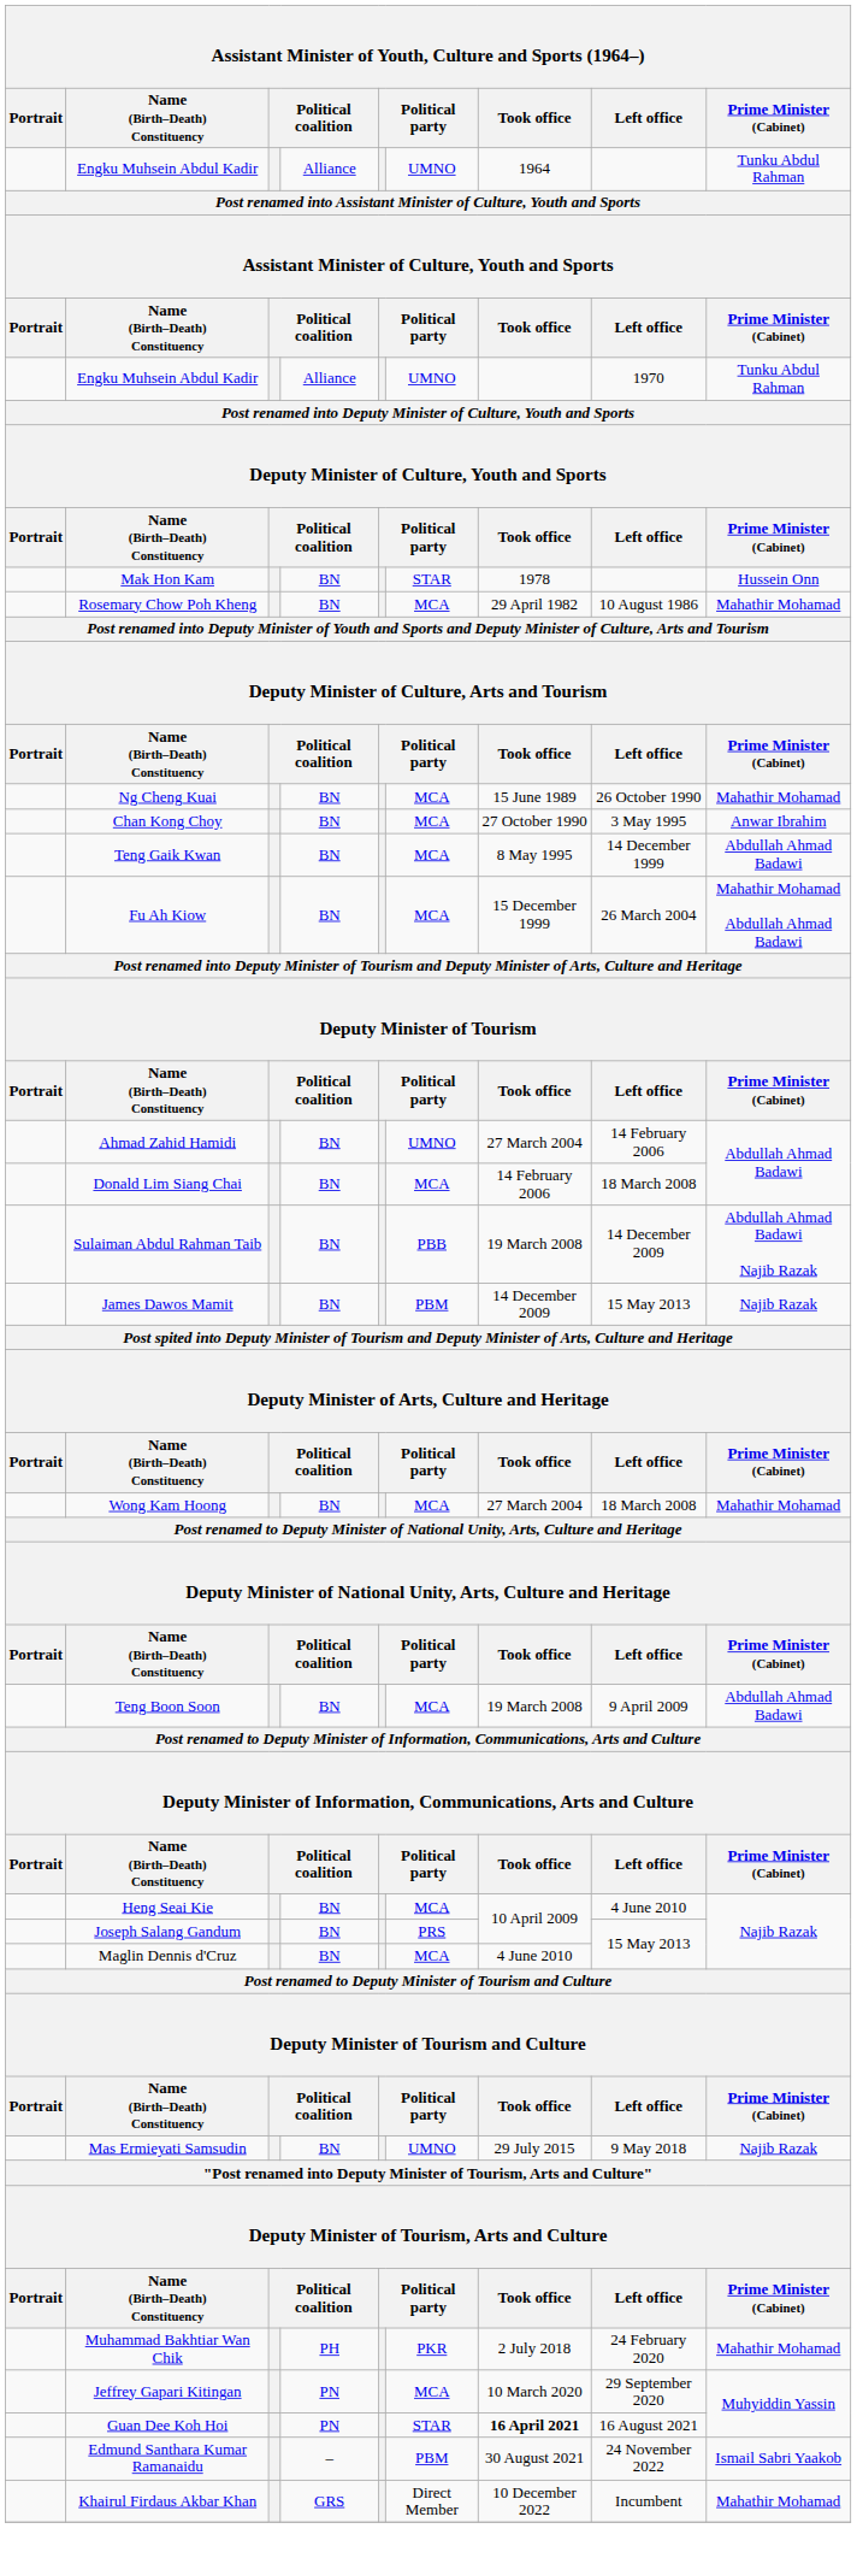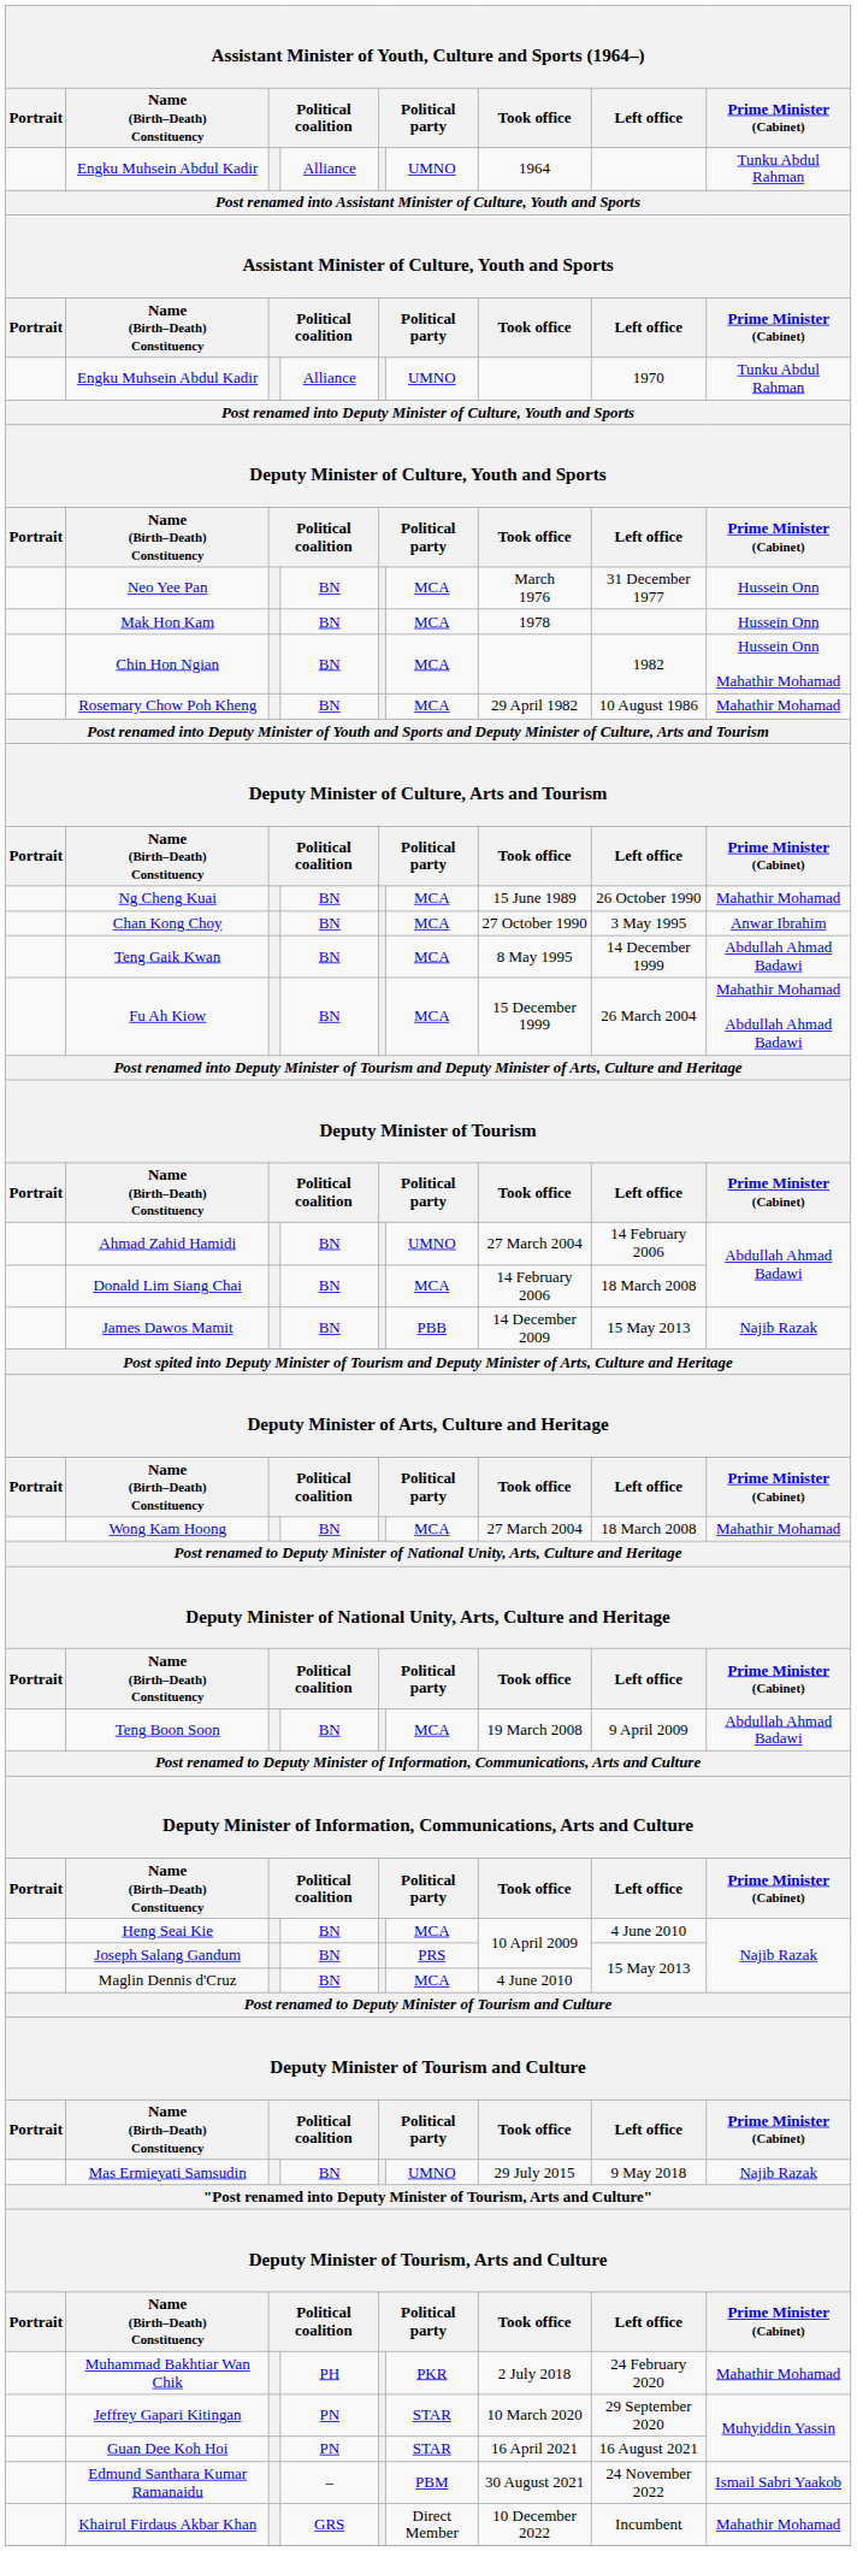 <table class="wikitable" style="text-align:center;">
 <tr>
 <th colspan="9"><br><h3>Assistant Minister of Youth, Culture and Sports (1964–)</h3></th>
 </tr>
 <tr>
 <th>Portrait</th>
 <th>Name<br><small>(Birth–Death)<br>Constituency</small></th>
 <th colspan="2">Political coalition</th>
 <th colspan="2">Political party</th>
 <th>Took office</th>
 <th>Left office</th>
 <th><a href='#'>Prime Minister</a><br><small>(Cabinet)</small></th>
 </tr>
 <tr>
 <td></td>
 <td><a href='#'>Engku Muhsein Abdul Kadir</a><br></td>
 <th style="background:"></th>
 <td><a href='#'>Alliance</a></td>
 <th style="background:"></th>
 <td><a href='#'>UMNO</a></td>
 <td>1964</td>
 <td></td>
 <td><a href='#'>Tunku Abdul Rahman</a><br></td>
 </tr>
 <tr>
 <th colspan="9"><em>Post renamed into Assistant Minister of Culture, Youth and Sports</em></th>
 </tr>
 <tr>
 <th colspan="9"><br><h3>Assistant Minister of Culture, Youth and Sports</h3></th>
 </tr>
 <tr>
 <th>Portrait</th>
 <th>Name<br><small>(Birth–Death)<br>Constituency</small></th>
 <th colspan="2">Political coalition</th>
 <th colspan="2">Political party</th>
 <th>Took office</th>
 <th>Left office</th>
 <th><a href='#'>Prime Minister</a><br><small>(Cabinet)</small></th>
 </tr>
 <tr>
 <td></td>
 <td><a href='#'>Engku Muhsein Abdul Kadir</a><br></td>
 <th style="background:"></th>
 <td><a href='#'>Alliance</a></td>
 <th style="background:"></th>
 <td><a href='#'>UMNO</a></td>
 <td></td>
 <td>1970</td>
 <td><a href='#'>Tunku Abdul Rahman</a><br></td>
 </tr>
 <tr>
 <th colspan="9"><em>Post renamed into Deputy Minister of Culture, Youth and Sports</em></th>
 </tr>
 <tr>
 <th colspan="9"><br><h3>Deputy Minister of Culture, Youth and Sports</h3></th>
 </tr>
 <tr>
 <th>Portrait</th>
 <th>Name<br><small>(Birth–Death)<br>Constituency</small></th>
 <th colspan="2">Political coalition</th>
 <th colspan="2">Political party</th>
 <th>Took office</th>
 <th>Left office</th>
 <th><a href='#'>Prime Minister</a><br><small>(Cabinet)</small></th>
 </tr>
 <tr>
 <td></td>
+<td><a href='#'>Neo Yee Pan</a><br></td>
+<th style="background:"></th>
+<td><a href='#'>BN</a></td>
+<th style="background:"></th>
+<td><a href='#'>MCA</a></td>
+<td>March<br>1976</td>
+<td>31 December<br>1977</td>
+<td><a href='#'>Hussein Onn</a><br></td>
+</tr>
+<tr>
+<td></td>
 <td><a href='#'>Mak Hon Kam</a><br></td>
 <th style="background:"></th>
 <td><a href='#'>BN</a></td>
 <th style="background:"></th>
-<td><a href='#'>STAR</a></td>
+<td><a href='#'>MCA</a></td>
 <td>1978</td>
 <td></td>
 <td><a href='#'>Hussein Onn</a><br></td>
+</tr>
+<tr>
+<td></td>
+<td><a href='#'>Chin Hon Ngian</a><br></td>
+<th style="background:"></th>
+<td><a href='#'>BN</a></td>
+<th style="background:"></th>
+<td><a href='#'>MCA</a></td>
+<td></td>
+<td>1982</td>
+<td><a href='#'>Hussein Onn</a><br><br><a href='#'>Mahathir Mohamad</a><br></td>
 </tr>
 <tr>
 <td></td>
 <td><a href='#'>Rosemary Chow Poh Kheng</a><br></td>
 <th style="background:"></th>
 <td><a href='#'>BN</a></td>
 <th style="background:"></th>
 <td><a href='#'>MCA</a></td>
 <td>29 April 1982</td>
 <td>10 August 1986</td>
 <td><a href='#'>Mahathir Mohamad</a><br></td>
 </tr>
 <tr>
 <th colspan="9"><em>Post renamed into Deputy Minister of Youth and Sports and Deputy Minister of Culture, Arts and Tourism</em></th>
 </tr>
 <tr>
 <th colspan="9"><br><h3>Deputy Minister of Culture, Arts and Tourism</h3></th>
 </tr>
 <tr>
 <th>Portrait</th>
 <th>Name<br><small>(Birth–Death)<br>Constituency</small></th>
 <th colspan="2">Political coalition</th>
 <th colspan="2">Political party</th>
 <th>Took office</th>
 <th>Left office</th>
 <th><a href='#'>Prime Minister</a><br><small>(Cabinet)</small></th>
 </tr>
 <tr>
 <td></td>
 <td><a href='#'>Ng Cheng Kuai</a><br></td>
 <th style="background:"></th>
 <td><a href='#'>BN</a></td>
 <th style="background:"></th>
 <td><a href='#'>MCA</a></td>
 <td>15 June 1989</td>
 <td>26 October 1990</td>
 <td><a href='#'>Mahathir Mohamad</a><br></td>
 </tr>
 <tr>
 <td></td>
 <td><a href='#'>Chan Kong Choy</a><br></td>
 <th style="background:"></th>
 <td><a href='#'>BN</a></td>
 <th style="background:"></th>
 <td><a href='#'>MCA</a></td>
 <td>27 October 1990</td>
 <td>3 May 1995</td>
 <td><a href='#'>Anwar Ibrahim</a><br></td>
 </tr>
 <tr>
 <td></td>
 <td><a href='#'>Teng Gaik Kwan</a><br></td>
 <th style="background:"></th>
 <td><a href='#'>BN</a></td>
 <th style="background:"></th>
 <td><a href='#'>MCA</a></td>
 <td>8 May 1995</td>
 <td>14 December 1999</td>
 <td><a href='#'>Abdullah Ahmad Badawi</a><br></td>
 </tr>
 <tr>
 <td></td>
 <td><a href='#'>Fu Ah Kiow</a><br></td>
 <th style="background:"></th>
 <td><a href='#'>BN</a></td>
 <th style="background:"></th>
 <td><a href='#'>MCA</a></td>
 <td>15 December 1999</td>
 <td>26 March 2004</td>
 <td><a href='#'>Mahathir Mohamad</a><br><br><a href='#'>Abdullah Ahmad Badawi</a><br></td>
 </tr>
 <tr>
 <th colspan="9"><em>Post renamed into Deputy Minister of Tourism and Deputy Minister of Arts, Culture and Heritage</em></th>
 </tr>
 <tr>
 <th colspan="9"><br><h3>Deputy Minister of Tourism</h3></th>
 </tr>
 <tr>
 <th>Portrait</th>
 <th>Name<br><small>(Birth–Death)<br>Constituency</small></th>
 <th colspan="2">Political coalition</th>
 <th colspan="2">Political party</th>
 <th>Took office</th>
 <th>Left office</th>
 <th><a href='#'>Prime Minister</a><br><small>(Cabinet)</small></th>
 </tr>
 <tr>
 <td></td>
 <td><a href='#'>Ahmad Zahid Hamidi</a><br></td>
 <th style="background:"></th>
 <td><a href='#'>BN</a></td>
 <th style="background:"></th>
 <td><a href='#'>UMNO</a></td>
 <td>27 March 2004</td>
 <td>14 February 2006</td>
 <td rowspan=2><a href='#'>Abdullah Ahmad Badawi</a><br></td>
 </tr>
 <tr>
 <td></td>
 <td><a href='#'>Donald Lim Siang Chai</a><br></td>
 <th style="background:"></th>
 <td><a href='#'>BN</a></td>
 <th style="background:"></th>
 <td><a href='#'>MCA</a></td>
 <td>14 February 2006</td>
 <td>18 March 2008</td>
 </tr>
 <tr>
 <td></td>
-<td><a href='#'>Sulaiman Abdul Rahman Taib</a><br></td>
+<td><a href='#'>James Dawos Mamit</a><br></td>
 <th style="background:"></th>
 <td><a href='#'>BN</a></td>
 <th style="background:"></th>
 <td><a href='#'>PBB</a></td>
-<td>19 March 2008</td>
-<td>14 December 2009</td>
-<td><a href='#'>Abdullah Ahmad Badawi</a><br><br><a href='#'>Najib Razak</a><br></td>
-</tr>
-<tr>
-<td></td>
-<td><a href='#'>James Dawos Mamit</a><br></td>
-<th style="background:"></th>
-<td><a href='#'>BN</a></td>
-<th style="background:"></th>
-<td><a href='#'>PBM</a></td>
 <td>14 December 2009</td>
 <td>15 May 2013</td>
 <td><a href='#'>Najib Razak</a><br></td>
 </tr>
 <tr>
 <th colspan="9"><em>Post spited into Deputy Minister of Tourism and Deputy Minister of Arts, Culture and Heritage</em></th>
 </tr>
 <tr>
 <th colspan="9"><br><h3>Deputy Minister of Arts, Culture and Heritage</h3></th>
 </tr>
 <tr>
 <th>Portrait</th>
 <th>Name<br><small>(Birth–Death)<br>Constituency</small></th>
 <th colspan="2">Political coalition</th>
 <th colspan="2">Political party</th>
 <th>Took office</th>
 <th>Left office</th>
 <th><a href='#'>Prime Minister</a><br><small>(Cabinet)</small></th>
 </tr>
 <tr>
 <td></td>
 <td><a href='#'>Wong Kam Hoong</a><br></td>
 <th style="background:"></th>
 <td><a href='#'>BN</a></td>
 <th style="background:"></th>
 <td><a href='#'>MCA</a></td>
 <td>27 March 2004</td>
 <td>18 March 2008</td>
 <td><a href='#'>Mahathir Mohamad</a><br></td>
 </tr>
 <tr>
 <th colspan="9"><em>Post renamed to Deputy Minister of National Unity, Arts, Culture and Heritage</em></th>
 </tr>
 <tr>
 <th colspan="9"><br><h3>Deputy Minister of National Unity, Arts, Culture and Heritage</h3></th>
 </tr>
 <tr>
 <th>Portrait</th>
 <th>Name<br><small>(Birth–Death)<br>Constituency</small></th>
 <th colspan="2">Political coalition</th>
 <th colspan="2">Political party</th>
 <th>Took office</th>
 <th>Left office</th>
 <th><a href='#'>Prime Minister</a><br><small>(Cabinet)</small></th>
 </tr>
 <tr>
 <td></td>
 <td><a href='#'>Teng Boon Soon</a><br></td>
 <th style="background:"></th>
 <td><a href='#'>BN</a></td>
 <th style="background:"></th>
 <td><a href='#'>MCA</a></td>
 <td>19 March 2008</td>
 <td>9 April 2009</td>
 <td><a href='#'>Abdullah Ahmad Badawi</a><br></td>
 </tr>
 <tr>
 <th colspan="9"><em>Post renamed to Deputy Minister of Information, Communications, Arts and Culture</em></th>
 </tr>
 <tr>
 <th colspan="9"><br><h3>Deputy Minister of Information, Communications, Arts and Culture</h3></th>
 </tr>
 <tr>
 <th>Portrait</th>
 <th>Name<br><small>(Birth–Death)<br>Constituency</small></th>
 <th colspan="2">Political coalition</th>
 <th colspan="2">Political party</th>
 <th>Took office</th>
 <th>Left office</th>
 <th><a href='#'>Prime Minister</a><br><small>(Cabinet)</small></th>
 </tr>
 <tr>
 <td></td>
 <td><a href='#'>Heng Seai Kie</a><br></td>
 <th style="background:"></th>
 <td><a href='#'>BN</a></td>
 <th style="background:"></th>
 <td><a href='#'>MCA</a></td>
 <td rowspan=2>10 April 2009</td>
 <td>4 June 2010</td>
 <td rowspan=3><a href='#'>Najib Razak</a><br></td>
 </tr>
 <tr>
 <td></td>
 <td><a href='#'>Joseph Salang Gandum</a><br></td>
 <th style="background:"></th>
 <td><a href='#'>BN</a></td>
 <th style="background:"></th>
 <td><a href='#'>PRS</a></td>
 <td rowspan=2>15 May 2013</td>
 </tr>
 <tr>
 <td></td>
 <td>Maglin Dennis d'Cruz<br></td>
 <th style="background:"></th>
 <td><a href='#'>BN</a></td>
 <th style="background:"></th>
 <td><a href='#'>MCA</a></td>
 <td>4 June 2010</td>
 </tr>
 <tr>
 <th colspan="9"><em>Post renamed to Deputy Minister of Tourism and Culture</em></th>
 </tr>
 <tr>
 <th colspan="9"><br><h3>Deputy Minister of Tourism and Culture</h3></th>
 </tr>
 <tr>
 <th>Portrait</th>
 <th>Name<br><small>(Birth–Death)<br>Constituency</small></th>
 <th colspan="2">Political coalition</th>
 <th colspan="2">Political party</th>
 <th>Took office</th>
 <th>Left office</th>
 <th><a href='#'>Prime Minister</a><br><small>(Cabinet)</small></th>
 </tr>
 <tr>
 <td></td>
 <td><a href='#'>Mas Ermieyati Samsudin</a><br></td>
 <th style="background:"></th>
 <td><a href='#'>BN</a></td>
 <th style="background:"></th>
 <td><a href='#'>UMNO</a></td>
 <td>29 July 2015</td>
 <td>9 May 2018</td>
 <td><a href='#'>Najib Razak</a><br></td>
 </tr>
 <tr>
 <th colspan="9">"Post renamed into Deputy Minister of Tourism, Arts and Culture"</th>
 </tr>
 <tr>
 <th colspan="9"><br><h3>Deputy Minister of Tourism, Arts and Culture</h3></th>
 </tr>
 <tr>
 <th>Portrait</th>
 <th>Name<br><small>(Birth–Death)<br>Constituency</small></th>
 <th colspan="2">Political coalition</th>
 <th colspan="2">Political party</th>
 <th>Took office</th>
 <th>Left office</th>
 <th><a href='#'>Prime Minister</a><br><small>(Cabinet)</small></th>
 </tr>
 <tr>
 <td></td>
 <td><a href='#'>Muhammad Bakhtiar Wan Chik</a><br></td>
 <th style="background:"></th>
 <td><a href='#'>PH</a></td>
 <th style="background:"></th>
 <td><a href='#'>PKR</a></td>
 <td>2 July 2018</td>
 <td>24 February 2020</td>
 <td><a href='#'>Mahathir Mohamad</a><br></td>
 </tr>
 <tr>
 <td></td>
 <td><a href='#'>Jeffrey Gapari Kitingan</a><br></td>
 <th style="background:"></th>
 <td><a href='#'>PN</a></td>
 <th style="background:"></th>
-<td><a href='#'>MCA</a></td>
+<td><a href='#'>STAR</a></td>
 <td>10 March 2020</td>
 <td>29 September 2020</td>
 <td rowspan=2><a href='#'>Muhyiddin Yassin</a><br></td>
 </tr>
 <tr>
 <td></td>
 <td><a href='#'>Guan Dee Koh Hoi</a><br></td>
 <th style="background:"></th>
 <td><a href='#'>PN</a></td>
 <th style="background:"></th>
 <td><a href='#'>STAR</a></td>
-<td><strong>16 April 2021</strong></td>
+<td>16 April 2021</td>
 <td>16 August 2021</td>
 </tr>
 <tr>
 <td></td>
 <td><a href='#'>Edmund Santhara Kumar Ramanaidu</a><br></td>
 <th style="background:"></th>
 <td>–</td>
 <th style="background:"></th>
 <td><a href='#'>PBM</a></td>
 <td>30 August 2021</td>
 <td>24 November 2022</td>
 <td><a href='#'>Ismail Sabri Yaakob</a><br></td>
 </tr>
 <tr>
 <td></td>
 <td><a href='#'>Khairul Firdaus Akbar Khan</a><br></td>
 <th style="background:"></th>
 <td><a href='#'>GRS</a></td>
 <th style="background:"></th>
 <td>Direct Member</td>
 <td>10 December 2022</td>
 <td>Incumbent</td>
 <td><a href='#'>Mahathir Mohamad</a><br></td>
 </tr>
 <tr>
 </tr>
 </table>
